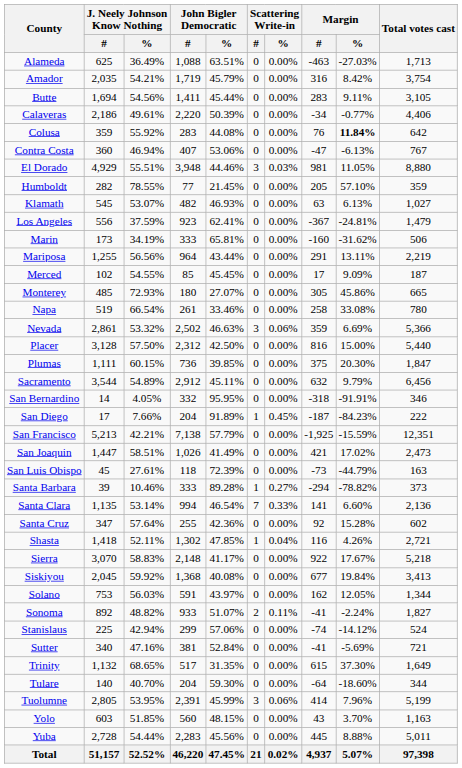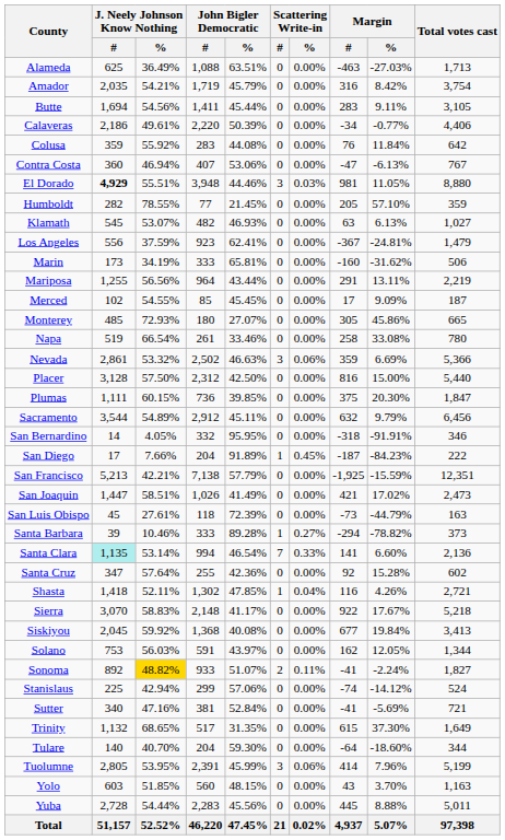 <table class="wikitable sortable" style="text-align:center">
 <tr>
 <th rowspan="2">County</th>
 <th style="text-align:center;" colspan="2">J. Neely Johnson<br>Know Nothing</th>
 <th style="text-align:center;" colspan="2">John Bigler<br>Democratic</th>
 <th style="text-align:center;" colspan="2">Scattering<br>Write-in</th>
 <th style="text-align:center;" colspan="2">Margin</th>
 <th style="text-align:center;" rowspan="2">Total votes cast</th>
 </tr>
 <tr>
 <th style="text-align:center;" data-sort-type="number">#</th>
 <th style="text-align:center;" data-sort-type="number">%</th>
 <th style="text-align:center;" data-sort-type="number">#</th>
 <th style="text-align:center;" data-sort-type="number">%</th>
 <th style="text-align:center;" data-sort-type="number">#</th>
 <th style="text-align:center;" data-sort-type="number">%</th>
 <th style="text-align:center;" data-sort-type="number">#</th>
 <th style="text-align:center;" data-sort-type="number">%</th>
 </tr>
 <tr style="text-align:center;">
 <td><a href='#'>Alameda</a></td>
 <td>625</td>
 <td>36.49%</td>
 <td>1,088</td>
 <td>63.51%</td>
 <td>0</td>
 <td>0.00%</td>
 <td>-463</td>
 <td>-27.03%</td>
 <td>1,713</td>
 </tr>
 <tr style="text-align:center;">
 <td><a href='#'>Amador</a></td>
 <td>2,035</td>
 <td>54.21%</td>
 <td>1,719</td>
 <td>45.79%</td>
 <td>0</td>
 <td>0.00%</td>
 <td>316</td>
 <td>8.42%</td>
 <td>3,754</td>
 </tr>
 <tr style="text-align:center;">
 <td><a href='#'>Butte</a></td>
 <td>1,694</td>
 <td>54.56%</td>
 <td>1,411</td>
 <td>45.44%</td>
 <td>0</td>
 <td>0.00%</td>
 <td>283</td>
 <td>9.11%</td>
 <td>3,105</td>
 </tr>
 <tr style="text-align:center;">
 <td><a href='#'>Calaveras</a></td>
 <td>2,186</td>
 <td>49.61%</td>
 <td>2,220</td>
 <td>50.39%</td>
 <td>0</td>
 <td>0.00%</td>
 <td>-34</td>
 <td>-0.77%</td>
 <td>4,406</td>
 </tr>
 <tr style="text-align:center;">
 <td><a href='#'>Colusa</a></td>
 <td>359</td>
 <td>55.92%</td>
 <td>283</td>
 <td>44.08%</td>
 <td>0</td>
 <td>0.00%</td>
 <td>76</td>
-<td><strong>11.84%</strong></td>
+<td>11.84%</td>
 <td>642</td>
 </tr>
 <tr style="text-align:center;">
 <td><a href='#'>Contra Costa</a></td>
 <td>360</td>
 <td>46.94%</td>
 <td>407</td>
 <td>53.06%</td>
 <td>0</td>
 <td>0.00%</td>
 <td>-47</td>
 <td>-6.13%</td>
 <td>767</td>
 </tr>
 <tr style="text-align:center;">
 <td><a href='#'>El Dorado</a></td>
-<td>4,929</td>
+<td><strong>4,929</strong></td>
 <td>55.51%</td>
 <td>3,948</td>
 <td>44.46%</td>
 <td>3</td>
 <td>0.03%</td>
 <td>981</td>
 <td>11.05%</td>
 <td>8,880</td>
 </tr>
 <tr style="text-align:center;">
 <td><a href='#'>Humboldt</a></td>
 <td>282</td>
 <td>78.55%</td>
 <td>77</td>
 <td>21.45%</td>
 <td>0</td>
 <td>0.00%</td>
 <td>205</td>
 <td>57.10%</td>
 <td>359</td>
 </tr>
 <tr style="text-align:center;">
 <td><a href='#'>Klamath</a></td>
 <td>545</td>
 <td>53.07%</td>
 <td>482</td>
 <td>46.93%</td>
 <td>0</td>
 <td>0.00%</td>
 <td>63</td>
 <td>6.13%</td>
 <td>1,027</td>
 </tr>
 <tr style="text-align:center;">
 <td><a href='#'>Los Angeles</a></td>
 <td>556</td>
 <td>37.59%</td>
 <td>923</td>
 <td>62.41%</td>
 <td>0</td>
 <td>0.00%</td>
 <td>-367</td>
 <td>-24.81%</td>
 <td>1,479</td>
 </tr>
 <tr style="text-align:center;">
 <td><a href='#'>Marin</a></td>
 <td>173</td>
 <td>34.19%</td>
 <td>333</td>
 <td>65.81%</td>
 <td>0</td>
 <td>0.00%</td>
 <td>-160</td>
 <td>-31.62%</td>
 <td>506</td>
 </tr>
 <tr style="text-align:center;">
 <td><a href='#'>Mariposa</a></td>
 <td>1,255</td>
 <td>56.56%</td>
 <td>964</td>
 <td>43.44%</td>
 <td>0</td>
 <td>0.00%</td>
 <td>291</td>
 <td>13.11%</td>
 <td>2,219</td>
 </tr>
 <tr style="text-align:center;">
 <td><a href='#'>Merced</a></td>
 <td>102</td>
 <td>54.55%</td>
 <td>85</td>
 <td>45.45%</td>
 <td>0</td>
 <td>0.00%</td>
 <td>17</td>
 <td>9.09%</td>
 <td>187</td>
 </tr>
 <tr style="text-align:center;">
 <td><a href='#'>Monterey</a></td>
 <td>485</td>
 <td>72.93%</td>
 <td>180</td>
 <td>27.07%</td>
 <td>0</td>
 <td>0.00%</td>
 <td>305</td>
 <td>45.86%</td>
 <td>665</td>
 </tr>
 <tr style="text-align:center;">
 <td><a href='#'>Napa</a></td>
 <td>519</td>
 <td>66.54%</td>
 <td>261</td>
 <td>33.46%</td>
 <td>0</td>
 <td>0.00%</td>
 <td>258</td>
 <td>33.08%</td>
 <td>780</td>
 </tr>
 <tr style="text-align:center;">
 <td><a href='#'>Nevada</a></td>
 <td>2,861</td>
 <td>53.32%</td>
 <td>2,502</td>
 <td>46.63%</td>
 <td>3</td>
 <td>0.06%</td>
 <td>359</td>
 <td>6.69%</td>
 <td>5,366</td>
 </tr>
 <tr style="text-align:center;">
 <td><a href='#'>Placer</a></td>
 <td>3,128</td>
 <td>57.50%</td>
 <td>2,312</td>
 <td>42.50%</td>
 <td>0</td>
 <td>0.00%</td>
 <td>816</td>
 <td>15.00%</td>
 <td>5,440</td>
 </tr>
 <tr style="text-align:center;">
 <td><a href='#'>Plumas</a></td>
 <td>1,111</td>
 <td>60.15%</td>
 <td>736</td>
 <td>39.85%</td>
 <td>0</td>
 <td>0.00%</td>
 <td>375</td>
 <td>20.30%</td>
 <td>1,847</td>
 </tr>
 <tr style="text-align:center;">
 <td><a href='#'>Sacramento</a></td>
 <td>3,544</td>
 <td>54.89%</td>
 <td>2,912</td>
 <td>45.11%</td>
 <td>0</td>
 <td>0.00%</td>
 <td>632</td>
 <td>9.79%</td>
 <td>6,456</td>
 </tr>
 <tr style="text-align:center;">
 <td><a href='#'>San Bernardino</a></td>
 <td>14</td>
 <td>4.05%</td>
 <td>332</td>
 <td>95.95%</td>
 <td>0</td>
 <td>0.00%</td>
 <td>-318</td>
 <td>-91.91%</td>
 <td>346</td>
 </tr>
 <tr style="text-align:center;">
 <td><a href='#'>San Diego</a></td>
 <td>17</td>
 <td>7.66%</td>
 <td>204</td>
 <td>91.89%</td>
 <td>1</td>
 <td>0.45%</td>
 <td>-187</td>
 <td>-84.23%</td>
 <td>222</td>
 </tr>
 <tr style="text-align:center;">
 <td><a href='#'>San Francisco</a></td>
 <td>5,213</td>
 <td>42.21%</td>
 <td>7,138</td>
 <td>57.79%</td>
 <td>0</td>
 <td>0.00%</td>
 <td>-1,925</td>
 <td>-15.59%</td>
 <td>12,351</td>
 </tr>
 <tr style="text-align:center;">
 <td><a href='#'>San Joaquin</a></td>
 <td>1,447</td>
 <td>58.51%</td>
 <td>1,026</td>
 <td>41.49%</td>
 <td>0</td>
 <td>0.00%</td>
 <td>421</td>
 <td>17.02%</td>
 <td>2,473</td>
 </tr>
 <tr style="text-align:center;">
 <td><a href='#'>San Luis Obispo</a></td>
 <td>45</td>
 <td>27.61%</td>
 <td>118</td>
 <td>72.39%</td>
 <td>0</td>
 <td>0.00%</td>
 <td>-73</td>
 <td>-44.79%</td>
 <td>163</td>
 </tr>
 <tr style="text-align:center;">
 <td><a href='#'>Santa Barbara</a></td>
 <td>39</td>
 <td>10.46%</td>
 <td>333</td>
 <td>89.28%</td>
 <td>1</td>
 <td>0.27%</td>
 <td>-294</td>
 <td>-78.82%</td>
 <td>373</td>
 </tr>
 <tr style="text-align:center;">
 <td><a href='#'>Santa Clara</a></td>
-<td>1,135</td>
+<td style="background: paleturquoise;">1,135</td>
 <td>53.14%</td>
 <td>994</td>
 <td>46.54%</td>
 <td>7</td>
 <td>0.33%</td>
 <td>141</td>
 <td>6.60%</td>
 <td>2,136</td>
 </tr>
 <tr style="text-align:center;">
 <td><a href='#'>Santa Cruz</a></td>
 <td>347</td>
 <td>57.64%</td>
 <td>255</td>
 <td>42.36%</td>
 <td>0</td>
 <td>0.00%</td>
 <td>92</td>
 <td>15.28%</td>
 <td>602</td>
 </tr>
 <tr style="text-align:center;">
 <td><a href='#'>Shasta</a></td>
 <td>1,418</td>
 <td>52.11%</td>
 <td>1,302</td>
 <td>47.85%</td>
 <td>1</td>
 <td>0.04%</td>
 <td>116</td>
 <td>4.26%</td>
 <td>2,721</td>
 </tr>
 <tr style="text-align:center;">
 <td><a href='#'>Sierra</a></td>
 <td>3,070</td>
 <td>58.83%</td>
 <td>2,148</td>
 <td>41.17%</td>
 <td>0</td>
 <td>0.00%</td>
 <td>922</td>
 <td>17.67%</td>
 <td>5,218</td>
 </tr>
 <tr style="text-align:center;">
 <td><a href='#'>Siskiyou</a></td>
 <td>2,045</td>
 <td>59.92%</td>
 <td>1,368</td>
 <td>40.08%</td>
 <td>0</td>
 <td>0.00%</td>
 <td>677</td>
 <td>19.84%</td>
 <td>3,413</td>
 </tr>
 <tr style="text-align:center;">
 <td><a href='#'>Solano</a></td>
 <td>753</td>
 <td>56.03%</td>
 <td>591</td>
 <td>43.97%</td>
 <td>0</td>
 <td>0.00%</td>
 <td>162</td>
 <td>12.05%</td>
 <td>1,344</td>
 </tr>
 <tr style="text-align:center;">
 <td><a href='#'>Sonoma</a></td>
 <td>892</td>
-<td>48.82%</td>
+<td style="background: gold;">48.82%</td>
 <td>933</td>
 <td>51.07%</td>
 <td>2</td>
 <td>0.11%</td>
 <td>-41</td>
 <td>-2.24%</td>
 <td>1,827</td>
 </tr>
 <tr style="text-align:center;">
 <td><a href='#'>Stanislaus</a></td>
 <td>225</td>
 <td>42.94%</td>
 <td>299</td>
 <td>57.06%</td>
 <td>0</td>
 <td>0.00%</td>
 <td>-74</td>
 <td>-14.12%</td>
 <td>524</td>
 </tr>
 <tr style="text-align:center;">
 <td><a href='#'>Sutter</a></td>
 <td>340</td>
 <td>47.16%</td>
 <td>381</td>
 <td>52.84%</td>
 <td>0</td>
 <td>0.00%</td>
 <td>-41</td>
 <td>-5.69%</td>
 <td>721</td>
 </tr>
 <tr style="text-align:center;">
 <td><a href='#'>Trinity</a></td>
 <td>1,132</td>
 <td>68.65%</td>
 <td>517</td>
 <td>31.35%</td>
 <td>0</td>
 <td>0.00%</td>
 <td>615</td>
 <td>37.30%</td>
 <td>1,649</td>
 </tr>
 <tr style="text-align:center;">
 <td><a href='#'>Tulare</a></td>
 <td>140</td>
 <td>40.70%</td>
 <td>204</td>
 <td>59.30%</td>
 <td>0</td>
 <td>0.00%</td>
 <td>-64</td>
 <td>-18.60%</td>
 <td>344</td>
 </tr>
 <tr style="text-align:center;">
 <td><a href='#'>Tuolumne</a></td>
 <td>2,805</td>
 <td>53.95%</td>
 <td>2,391</td>
 <td>45.99%</td>
 <td>3</td>
 <td>0.06%</td>
 <td>414</td>
 <td>7.96%</td>
 <td>5,199</td>
 </tr>
 <tr style="text-align:center;">
 <td><a href='#'>Yolo</a></td>
 <td>603</td>
 <td>51.85%</td>
 <td>560</td>
 <td>48.15%</td>
 <td>0</td>
 <td>0.00%</td>
 <td>43</td>
 <td>3.70%</td>
 <td>1,163</td>
 </tr>
 <tr style="text-align:center;">
 <td><a href='#'>Yuba</a></td>
 <td>2,728</td>
 <td>54.44%</td>
 <td>2,283</td>
 <td>45.56%</td>
 <td>0</td>
 <td>0.00%</td>
 <td>445</td>
 <td>8.88%</td>
 <td>5,011</td>
 </tr>
 <tr style="text-align:center;">
 <th>Total</th>
 <th>51,157</th>
 <th>52.52%</th>
 <th>46,220</th>
 <th>47.45%</th>
 <th>21</th>
 <th>0.02%</th>
 <th>4,937</th>
 <th>5.07%</th>
 <th>97,398</th>
 </tr>
 </table>
